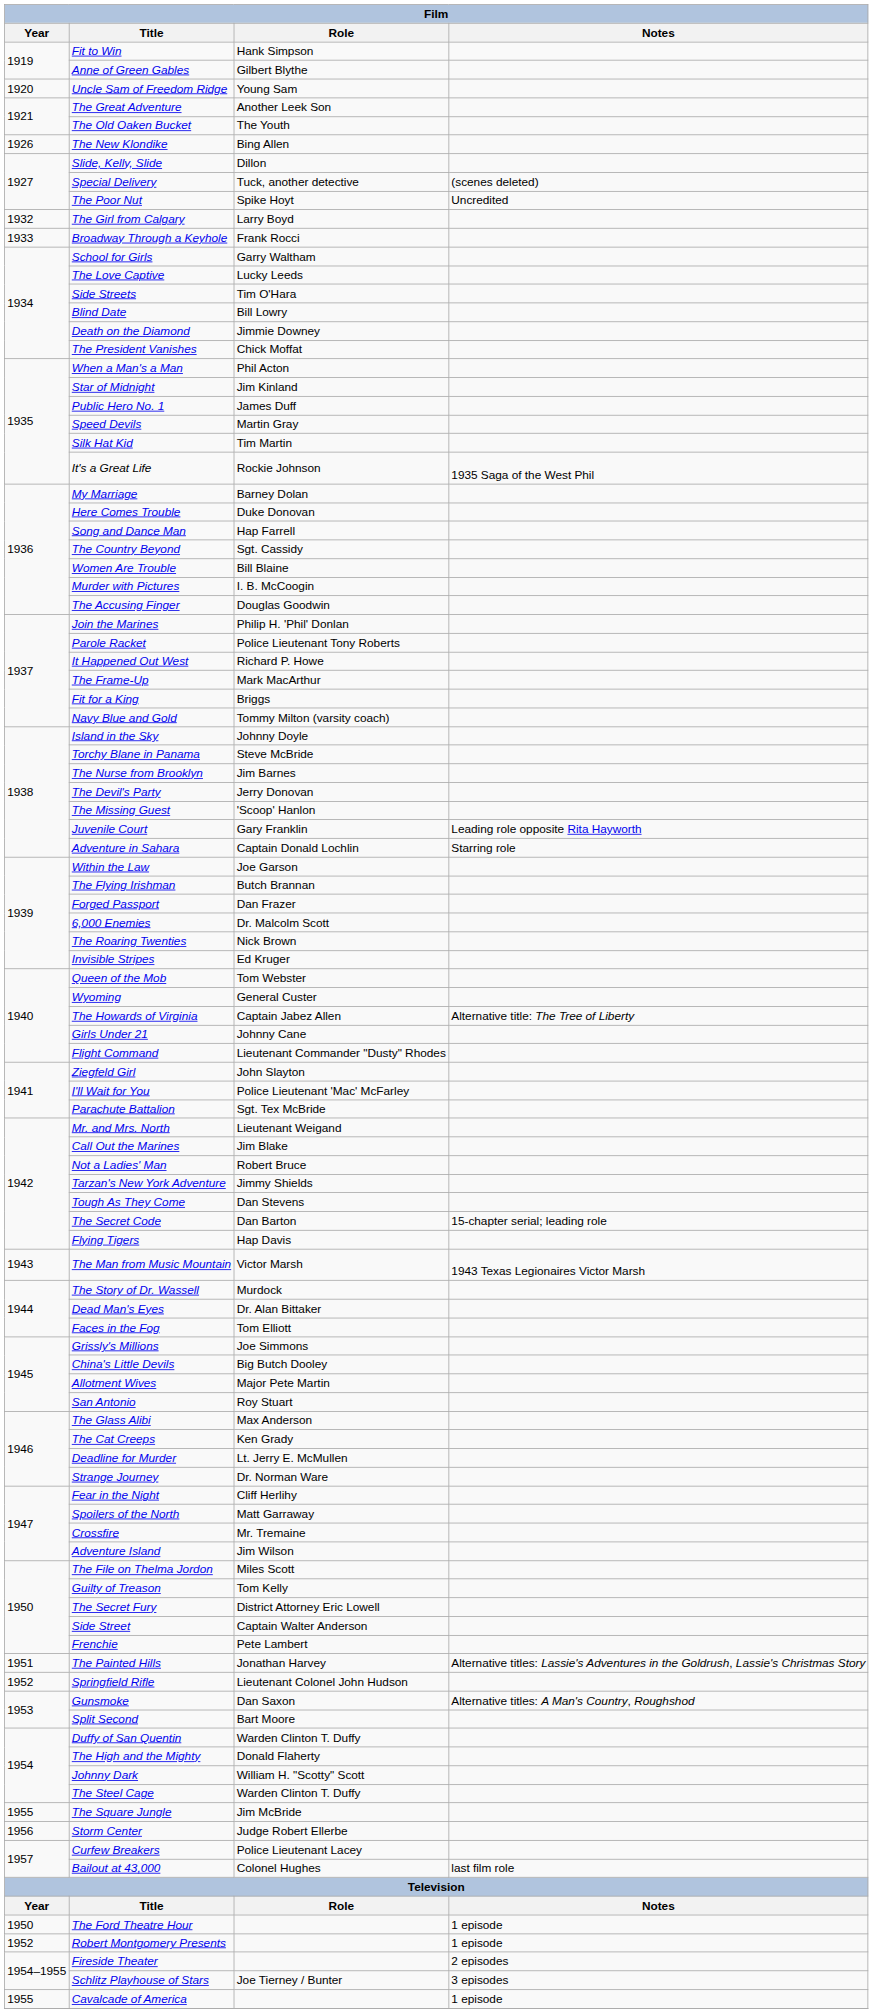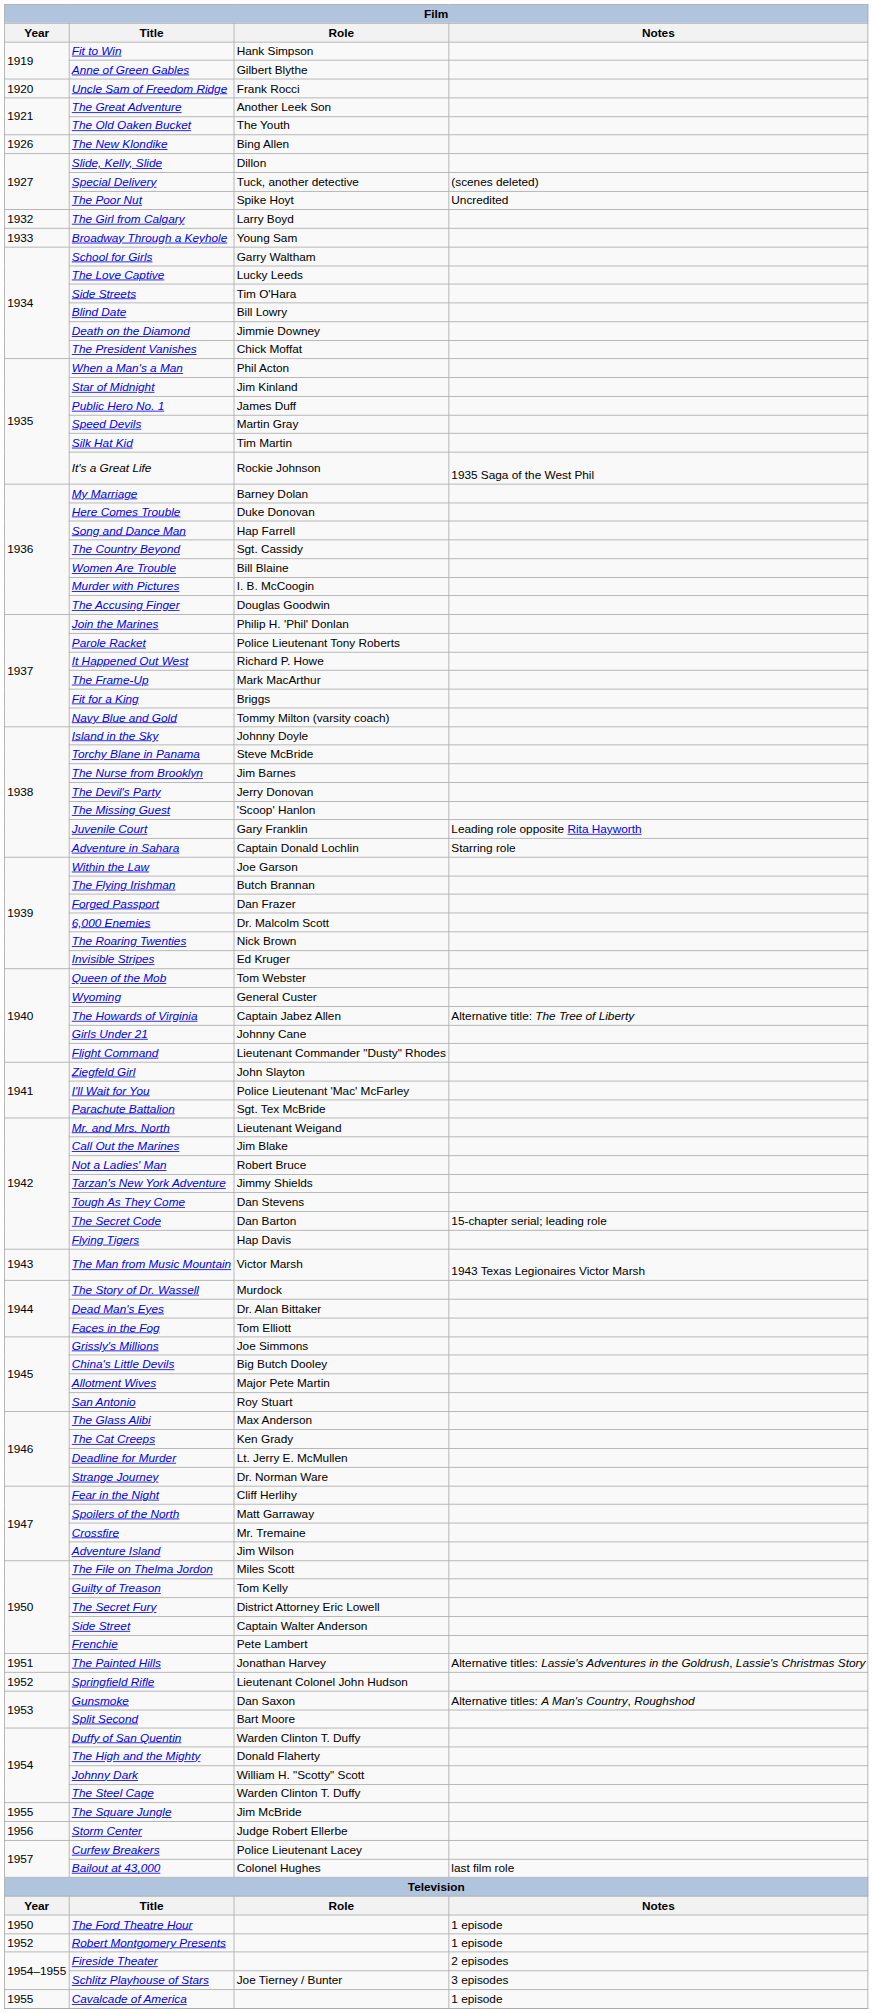 <table class="wikitable" style="font-size: 90%;">
 <tr>
 <th colspan="4" style="background: LightSteelBlue;">Film</th>
 </tr>
 <tr>
 <th>Year</th>
 <th>Title</th>
 <th>Role</th>
 <th>Notes</th>
 </tr>
 <tr>
 <td rowspan=2>1919</td>
 <td><em><a href='#'>Fit to Win</a></em></td>
 <td>Hank Simpson</td>
 <td></td>
 </tr>
 <tr>
 <td><em><a href='#'>Anne of Green Gables</a></em></td>
 <td>Gilbert Blythe</td>
 <td></td>
 </tr>
 <tr>
 <td>1920</td>
 <td><em><a href='#'>Uncle Sam of Freedom Ridge</a></em></td>
-<td>Young Sam</td>
+<td>Frank Rocci</td>
 <td></td>
 </tr>
 <tr>
 <td rowspan=2>1921</td>
 <td><em><a href='#'>The Great Adventure</a></em></td>
 <td>Another Leek Son</td>
 <td></td>
 </tr>
 <tr>
 <td><em><a href='#'>The Old Oaken Bucket</a></em></td>
 <td>The Youth</td>
 <td></td>
 </tr>
 <tr>
 <td>1926</td>
 <td><em><a href='#'>The New Klondike</a></em></td>
 <td>Bing Allen</td>
 <td></td>
 </tr>
 <tr>
 <td rowspan=3>1927</td>
 <td><em><a href='#'>Slide, Kelly, Slide</a></em></td>
 <td>Dillon</td>
 <td></td>
 </tr>
 <tr>
 <td><em><a href='#'>Special Delivery</a></em></td>
 <td>Tuck, another detective</td>
 <td>(scenes deleted)</td>
 </tr>
 <tr>
 <td><em><a href='#'>The Poor Nut</a></em></td>
 <td>Spike Hoyt</td>
 <td>Uncredited</td>
 </tr>
 <tr>
 <td>1932</td>
 <td><em><a href='#'>The Girl from Calgary</a></em></td>
 <td>Larry Boyd</td>
 <td></td>
 </tr>
 <tr>
 <td>1933</td>
 <td><em><a href='#'>Broadway Through a Keyhole</a></em></td>
-<td>Frank Rocci</td>
+<td>Young Sam</td>
 <td></td>
 </tr>
 <tr>
 <td rowspan=6>1934</td>
 <td><em><a href='#'>School for Girls</a></em></td>
 <td>Garry Waltham</td>
 <td></td>
 </tr>
 <tr>
 <td><em><a href='#'>The Love Captive</a></em></td>
 <td>Lucky Leeds</td>
 <td></td>
 </tr>
 <tr>
 <td><em><a href='#'>Side Streets</a></em></td>
 <td>Tim O'Hara</td>
 <td></td>
 </tr>
 <tr>
 <td><em><a href='#'>Blind Date</a></em></td>
 <td>Bill Lowry</td>
 <td></td>
 </tr>
 <tr>
 <td><em><a href='#'>Death on the Diamond</a></em></td>
 <td>Jimmie Downey</td>
 <td></td>
 </tr>
 <tr>
 <td><em><a href='#'>The President Vanishes</a></em></td>
 <td>Chick Moffat</td>
 <td></td>
 </tr>
 <tr>
 <td rowspan=6>1935</td>
 <td><em><a href='#'>When a Man's a Man</a></em></td>
 <td>Phil Acton</td>
 <td></td>
 </tr>
 <tr>
 <td><em><a href='#'>Star of Midnight</a></em></td>
 <td>Jim Kinland</td>
 <td></td>
 </tr>
 <tr>
 <td><em><a href='#'>Public Hero No. 1</a></em></td>
 <td>James Duff</td>
 <td></td>
 </tr>
 <tr>
 <td><em><a href='#'>Speed Devils</a></em></td>
 <td>Martin Gray</td>
 <td></td>
 </tr>
 <tr>
 <td><em><a href='#'>Silk Hat Kid</a></em></td>
 <td>Tim Martin</td>
 <td></td>
 </tr>
 <tr>
 <td><em>It's a Great Life</em></td>
 <td>Rockie Johnson</td>
 <td><br>1935 Saga of the West Phil</td>
 </tr>
 <tr>
 <td rowspan=7>1936</td>
 <td><em><a href='#'>My Marriage</a></em></td>
 <td>Barney Dolan</td>
 <td></td>
 </tr>
 <tr>
 <td><em><a href='#'>Here Comes Trouble</a></em></td>
 <td>Duke Donovan</td>
 <td></td>
 </tr>
 <tr>
 <td><em><a href='#'>Song and Dance Man</a></em></td>
 <td>Hap Farrell</td>
 <td></td>
 </tr>
 <tr>
 <td><em><a href='#'>The Country Beyond</a></em></td>
 <td>Sgt. Cassidy</td>
 <td></td>
 </tr>
 <tr>
 <td><em><a href='#'>Women Are Trouble</a></em></td>
 <td>Bill Blaine</td>
 <td></td>
 </tr>
 <tr>
 <td><em><a href='#'>Murder with Pictures</a></em></td>
 <td>I. B. McCoogin</td>
 <td></td>
 </tr>
 <tr>
 <td><em><a href='#'>The Accusing Finger</a></em></td>
 <td>Douglas Goodwin</td>
 <td></td>
 </tr>
 <tr>
 <td rowspan=6>1937</td>
 <td><em><a href='#'>Join the Marines</a></em></td>
 <td>Philip H. 'Phil' Donlan</td>
 <td></td>
 </tr>
 <tr>
 <td><em><a href='#'>Parole Racket</a></em></td>
 <td>Police Lieutenant Tony Roberts</td>
 <td></td>
 </tr>
 <tr>
 <td><em><a href='#'>It Happened Out West</a></em></td>
 <td>Richard P. Howe</td>
 <td></td>
 </tr>
 <tr>
 <td><em><a href='#'>The Frame-Up</a></em></td>
 <td>Mark MacArthur</td>
 <td></td>
 </tr>
 <tr>
 <td><em><a href='#'>Fit for a King</a></em></td>
 <td>Briggs</td>
 <td></td>
 </tr>
 <tr>
 <td><em><a href='#'>Navy Blue and Gold</a></em></td>
 <td>Tommy Milton (varsity coach)</td>
 <td></td>
 </tr>
 <tr>
 <td rowspan=7>1938</td>
 <td><em><a href='#'>Island in the Sky</a></em></td>
 <td>Johnny Doyle</td>
 <td></td>
 </tr>
 <tr>
 <td><em><a href='#'>Torchy Blane in Panama</a></em></td>
 <td>Steve McBride</td>
 <td></td>
 </tr>
 <tr>
 <td><em><a href='#'>The Nurse from Brooklyn</a></em></td>
 <td>Jim Barnes</td>
 <td></td>
 </tr>
 <tr>
 <td><em><a href='#'>The Devil's Party</a></em></td>
 <td>Jerry Donovan</td>
 <td></td>
 </tr>
 <tr>
 <td><em><a href='#'>The Missing Guest</a></em></td>
 <td>'Scoop' Hanlon</td>
 <td></td>
 </tr>
 <tr>
 <td><em><a href='#'>Juvenile Court</a></em></td>
 <td>Gary Franklin</td>
 <td>Leading role opposite <a href='#'>Rita Hayworth</a></td>
 </tr>
 <tr>
 <td><em><a href='#'>Adventure in Sahara</a></em></td>
 <td>Captain Donald Lochlin</td>
 <td>Starring role</td>
 </tr>
 <tr>
 <td rowspan=6>1939</td>
 <td><em><a href='#'>Within the Law</a></em></td>
 <td>Joe Garson</td>
 <td></td>
 </tr>
 <tr>
 <td><em><a href='#'>The Flying Irishman</a></em></td>
 <td>Butch Brannan</td>
 <td></td>
 </tr>
 <tr>
 <td><em><a href='#'>Forged Passport</a></em></td>
 <td>Dan Frazer</td>
 <td></td>
 </tr>
 <tr>
 <td><em><a href='#'>6,000 Enemies</a></em></td>
 <td>Dr. Malcolm Scott</td>
 <td></td>
 </tr>
 <tr>
 <td><em><a href='#'>The Roaring Twenties</a></em></td>
 <td>Nick Brown</td>
 <td></td>
 </tr>
 <tr>
 <td><em><a href='#'>Invisible Stripes</a></em></td>
 <td>Ed Kruger</td>
 <td></td>
 </tr>
 <tr>
 <td rowspan=5>1940</td>
 <td><em><a href='#'>Queen of the Mob</a></em></td>
 <td>Tom Webster</td>
 <td></td>
 </tr>
 <tr>
 <td><em><a href='#'>Wyoming</a></em></td>
 <td>General Custer</td>
 <td></td>
 </tr>
 <tr>
 <td><em><a href='#'>The Howards of Virginia</a></em></td>
 <td>Captain Jabez Allen</td>
 <td>Alternative title: <em>The Tree of Liberty</em></td>
 </tr>
 <tr>
 <td><em><a href='#'>Girls Under 21</a></em></td>
 <td>Johnny Cane</td>
 <td></td>
 </tr>
 <tr>
 <td><em><a href='#'>Flight Command</a></em></td>
 <td>Lieutenant Commander "Dusty" Rhodes</td>
 <td></td>
 </tr>
 <tr>
 <td rowspan=3>1941</td>
 <td><em><a href='#'>Ziegfeld Girl</a></em></td>
 <td>John Slayton</td>
 <td></td>
 </tr>
 <tr>
 <td><em><a href='#'>I'll Wait for You</a></em></td>
 <td>Police Lieutenant 'Mac' McFarley</td>
 <td></td>
 </tr>
 <tr>
 <td><em><a href='#'>Parachute Battalion</a></em></td>
 <td>Sgt. Tex McBride</td>
 <td></td>
 </tr>
 <tr>
 <td rowspan=7>1942</td>
 <td><em><a href='#'>Mr. and Mrs. North</a></em></td>
 <td>Lieutenant Weigand</td>
 <td></td>
 </tr>
 <tr>
 <td><em><a href='#'>Call Out the Marines</a></em></td>
 <td>Jim Blake</td>
 <td></td>
 </tr>
 <tr>
 <td><em><a href='#'>Not a Ladies' Man</a></em></td>
 <td>Robert Bruce</td>
 <td></td>
 </tr>
 <tr>
 <td><em><a href='#'>Tarzan's New York Adventure</a></em></td>
 <td>Jimmy Shields</td>
 <td></td>
 </tr>
 <tr>
 <td><em><a href='#'>Tough As They Come</a></em></td>
 <td>Dan Stevens</td>
 <td></td>
 </tr>
 <tr>
 <td><em><a href='#'>The Secret Code</a></em></td>
 <td>Dan Barton</td>
 <td>15-chapter serial; leading role</td>
 </tr>
 <tr>
 <td><em><a href='#'>Flying Tigers</a></em></td>
 <td>Hap Davis</td>
 <td></td>
 </tr>
 <tr>
 <td>1943</td>
 <td><em><a href='#'>The Man from Music Mountain</a></em></td>
 <td>Victor Marsh</td>
 <td><br>1943 Texas Legionaires Victor Marsh</td>
 </tr>
 <tr>
 <td rowspan=3>1944</td>
 <td><em><a href='#'>The Story of Dr. Wassell</a></em></td>
 <td>Murdock</td>
 <td></td>
 </tr>
 <tr>
 <td><em><a href='#'>Dead Man's Eyes</a></em></td>
 <td>Dr. Alan Bittaker</td>
 <td></td>
 </tr>
 <tr>
 <td><em><a href='#'>Faces in the Fog</a></em></td>
 <td>Tom Elliott</td>
 <td></td>
 </tr>
 <tr>
 <td rowspan=4>1945</td>
 <td><em><a href='#'>Grissly's Millions</a></em></td>
 <td>Joe Simmons</td>
 <td></td>
 </tr>
 <tr>
 <td><em><a href='#'>China's Little Devils</a></em></td>
 <td>Big Butch Dooley</td>
 <td></td>
 </tr>
 <tr>
 <td><em><a href='#'>Allotment Wives</a></em></td>
 <td>Major Pete Martin</td>
 <td></td>
 </tr>
 <tr>
 <td><em><a href='#'>San Antonio</a></em></td>
 <td>Roy Stuart</td>
 <td></td>
 </tr>
 <tr>
 <td rowspan=4>1946</td>
 <td><em><a href='#'>The Glass Alibi</a></em></td>
 <td>Max Anderson</td>
 <td></td>
 </tr>
 <tr>
 <td><em><a href='#'>The Cat Creeps</a></em></td>
 <td>Ken Grady</td>
 <td></td>
 </tr>
 <tr>
 <td><em><a href='#'>Deadline for Murder</a></em></td>
 <td>Lt. Jerry E. McMullen</td>
 <td></td>
 </tr>
 <tr>
 <td><em><a href='#'>Strange Journey</a></em></td>
 <td>Dr. Norman Ware</td>
 <td></td>
 </tr>
 <tr>
 <td rowspan=4>1947</td>
 <td><em><a href='#'>Fear in the Night</a></em></td>
 <td>Cliff Herlihy</td>
 <td></td>
 </tr>
 <tr>
 <td><em><a href='#'>Spoilers of the North</a></em></td>
 <td>Matt Garraway</td>
 <td></td>
 </tr>
 <tr>
 <td><em><a href='#'>Crossfire</a></em></td>
 <td>Mr. Tremaine</td>
 <td></td>
 </tr>
 <tr>
 <td><em><a href='#'>Adventure Island</a></em></td>
 <td>Jim Wilson</td>
 <td></td>
 </tr>
 <tr>
 <td rowspan=5>1950</td>
 <td><em><a href='#'>The File on Thelma Jordon</a></em></td>
 <td>Miles Scott</td>
 <td></td>
 </tr>
 <tr>
 <td><em><a href='#'>Guilty of Treason</a></em></td>
 <td>Tom Kelly</td>
 <td></td>
 </tr>
 <tr>
 <td><em><a href='#'>The Secret Fury</a></em></td>
 <td>District Attorney Eric Lowell</td>
 <td></td>
 </tr>
 <tr>
 <td><em><a href='#'>Side Street</a></em></td>
 <td>Captain Walter Anderson</td>
 <td></td>
 </tr>
 <tr>
 <td><em><a href='#'>Frenchie</a></em></td>
 <td>Pete Lambert</td>
 <td></td>
 </tr>
 <tr>
 <td>1951</td>
 <td><em><a href='#'>The Painted Hills</a></em></td>
 <td>Jonathan Harvey</td>
 <td>Alternative titles: <em>Lassie's Adventures in the Goldrush</em>, <em>Lassie's Christmas Story</em></td>
 </tr>
 <tr>
 <td rowspan=1>1952</td>
 <td><em><a href='#'>Springfield Rifle</a></em></td>
 <td>Lieutenant Colonel John Hudson</td>
 <td></td>
 </tr>
 <tr>
 <td rowspan=2>1953</td>
 <td><em><a href='#'>Gunsmoke</a></em></td>
 <td>Dan Saxon</td>
 <td>Alternative titles: <em>A Man's Country</em>, <em>Roughshod</em></td>
 </tr>
 <tr>
 <td><em><a href='#'>Split Second</a></em></td>
 <td>Bart Moore</td>
 <td></td>
 </tr>
 <tr>
 <td rowspan=4>1954</td>
 <td><em><a href='#'>Duffy of San Quentin</a></em></td>
 <td>Warden Clinton T. Duffy</td>
 <td></td>
 </tr>
 <tr>
 <td><em><a href='#'>The High and the Mighty</a></em></td>
 <td>Donald Flaherty</td>
 <td></td>
 </tr>
 <tr>
 <td><em><a href='#'>Johnny Dark</a></em></td>
 <td>William H. "Scotty" Scott</td>
 <td></td>
 </tr>
 <tr>
 <td><em><a href='#'>The Steel Cage</a></em></td>
 <td>Warden Clinton T. Duffy</td>
 <td></td>
 </tr>
 <tr>
 <td>1955</td>
 <td><em><a href='#'>The Square Jungle</a></em></td>
 <td>Jim McBride</td>
 <td></td>
 </tr>
 <tr>
 <td>1956</td>
 <td><em><a href='#'>Storm Center</a></em></td>
 <td>Judge Robert Ellerbe</td>
 <td></td>
 </tr>
 <tr>
 <td rowspan=2>1957</td>
 <td><em><a href='#'>Curfew Breakers</a></em></td>
 <td>Police Lieutenant Lacey</td>
 <td></td>
 </tr>
 <tr>
 <td><em><a href='#'>Bailout at 43,000</a></em></td>
 <td>Colonel Hughes</td>
 <td>last film role</td>
 </tr>
 <tr>
 <th colspan="4" style="background: LightSteelBlue;">Television</th>
 </tr>
 <tr>
 <th>Year</th>
 <th>Title</th>
 <th>Role</th>
 <th>Notes</th>
 </tr>
 <tr>
 <td>1950</td>
 <td><em><a href='#'>The Ford Theatre Hour</a></em></td>
 <td></td>
 <td>1 episode</td>
 </tr>
 <tr>
 <td>1952</td>
 <td><em><a href='#'>Robert Montgomery Presents</a></em></td>
 <td></td>
 <td>1 episode</td>
 </tr>
 <tr>
 <td rowspan=2>1954–1955</td>
 <td><em><a href='#'>Fireside Theater</a></em></td>
 <td></td>
 <td>2 episodes</td>
 </tr>
 <tr>
 <td><em><a href='#'>Schlitz Playhouse of Stars</a></em></td>
 <td>Joe Tierney / Bunter</td>
 <td>3 episodes</td>
 </tr>
 <tr>
 <td>1955</td>
 <td><em><a href='#'>Cavalcade of America</a></em></td>
 <td></td>
 <td>1 episode</td>
 </tr>
 <tr>
 </tr>
 </table>
